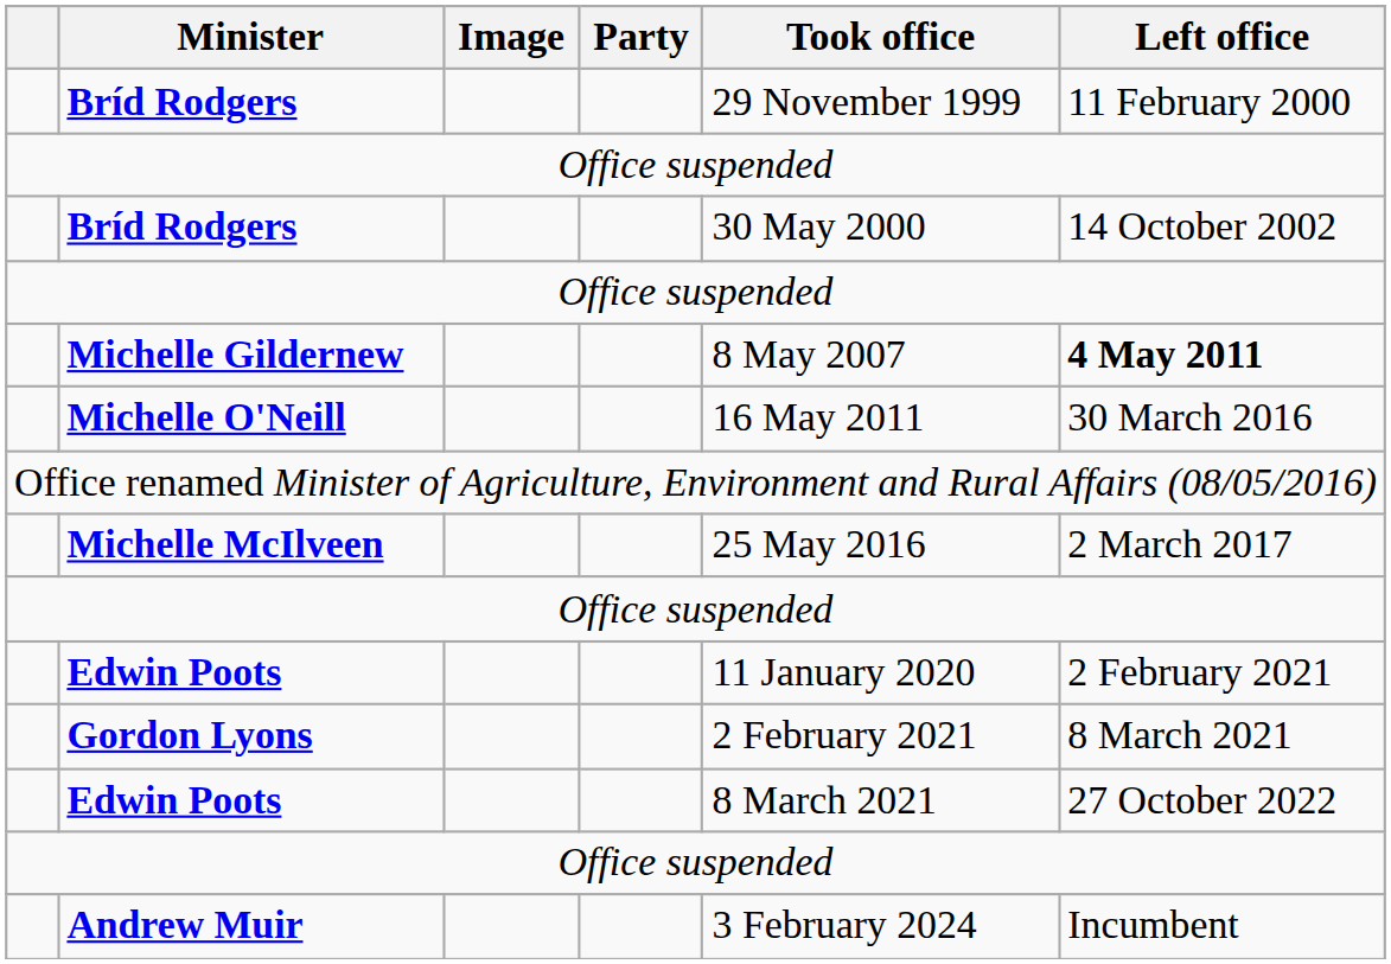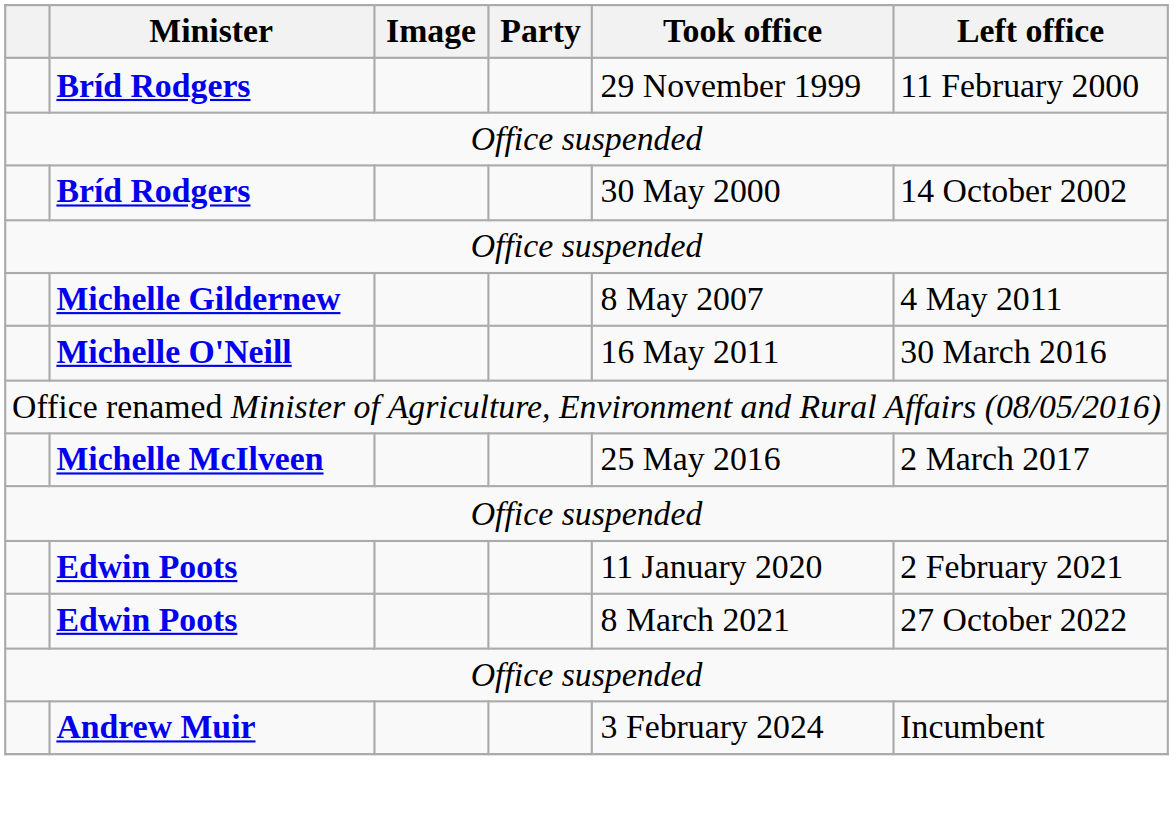 <table class="wikitable" style="margin: 1em auto 1em auto">
 <tr bgcolor=cccccc>
 <th></th>
 <th>Minister</th>
 <th>Image</th>
 <th>Party</th>
 <th>Took office</th>
 <th>Left office</th>
 </tr>
 <tr>
 <td style="background:">   </td>
 <td><strong><a href='#'>Bríd Rodgers</a></strong></td>
 <td></td>
 <td></td>
 <td>29 November 1999</td>
 <td>11 February 2000</td>
 </tr>
 <tr>
 <td colspan="6" align="center"><em>Office suspended</em></td>
 </tr>
 <tr>
 <td style="background:">   </td>
 <td><strong><a href='#'>Bríd Rodgers</a></strong></td>
 <td></td>
 <td></td>
 <td>30 May 2000</td>
 <td>14 October 2002</td>
 </tr>
 <tr>
 <td colspan="6" align="center"><em>Office suspended</em></td>
 </tr>
 <tr>
 <td style="background:">   </td>
 <td><strong><a href='#'>Michelle Gildernew</a></strong></td>
 <td></td>
 <td></td>
 <td>8 May 2007</td>
-<td><strong>4 May 2011</strong></td>
+<td>4 May 2011</td>
 </tr>
 <tr>
 <td style="background:">   </td>
 <td><strong><a href='#'>Michelle O'Neill</a></strong></td>
 <td></td>
 <td></td>
 <td>16 May 2011</td>
 <td>30 March 2016</td>
 </tr>
 <tr>
 <td colspan="6" align="center">Office renamed <em>Minister of Agriculture, Environment and Rural Affairs (08/05/2016)</em></td>
 </tr>
 <tr>
 <td style="background:">   </td>
 <td><strong><a href='#'>Michelle McIlveen</a></strong></td>
 <td></td>
 <td></td>
 <td>25 May 2016</td>
 <td>2 March 2017</td>
 </tr>
 <tr>
 <td colspan="6" align="center"><em>Office suspended</em></td>
 </tr>
 <tr>
 <td style="background:">   </td>
 <td><strong><a href='#'>Edwin Poots</a></strong></td>
 <td></td>
 <td></td>
 <td>11 January 2020</td>
 <td>2 February 2021</td>
 </tr>
 <tr>
 <td style="background:">   </td>
-<td><strong><a href='#'>Gordon Lyons</a></strong></td>
-<td></td>
-<td></td>
-<td>2 February 2021</td>
-<td>8 March 2021</td>
-</tr>
-<tr>
-<td style="background:">   </td>
 <td><strong><a href='#'>Edwin Poots</a></strong></td>
 <td></td>
 <td></td>
 <td>8 March 2021</td>
 <td>27 October 2022</td>
 </tr>
 <tr>
 <td colspan="6" align="center"><em>Office suspended</em></td>
 </tr>
 <tr>
 <td style="background:">   </td>
 <td><strong><a href='#'>Andrew Muir</a></strong></td>
 <td></td>
 <td></td>
 <td>3 February 2024</td>
 <td>Incumbent</td>
 </tr>
 <tr>
 </tr>
 </table>
